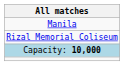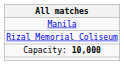 <table class="wikitable" style="text-align:center;">
 <tr>
 <th>All matches</th>
 </tr>
 <tr>
 <td><a href='#'>Manila</a></td>
 </tr>
 <tr>
 <td><a href='#'>Rizal Memorial Coliseum</a></td>
 </tr>
 <tr>
-<td style="background: lightblue;">Capacity: <strong>10,000</strong></td>
+<td>Capacity: <strong>10,000</strong></td>
 </tr>
 <tr>
 <td></td>
 </tr>
 </table>
